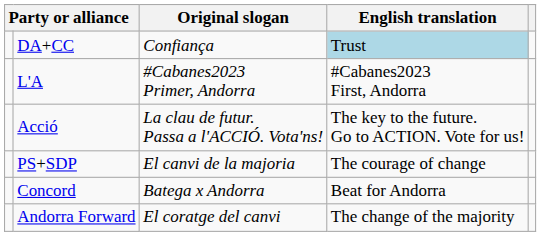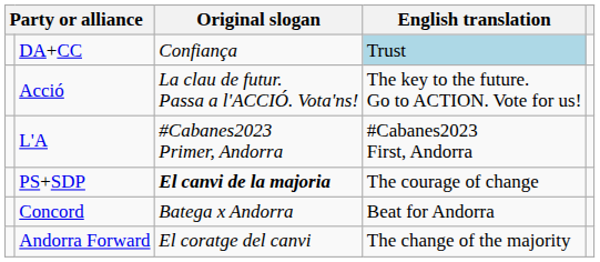 <table class="wikitable" style="text-align:left;">
 <tr>
 <th style="text-align:left;" colspan="2">Party or alliance</th>
 <th>Original slogan</th>
 <th>English translation</th>
 <th></th>
 </tr>
 <tr>
 <td width="1"></td>
 <td><a href='#'>DA</a>+<a href='#'>CC</a></td>
 <td><em>Confiança</em></td>
 <td style="background: lightblue;">Trust</td>
 <td></td>
 </tr>
 <tr>
 <td width="1"></td>
+<td><a href='#'>Acció</a></td>
+<td><em>La clau de futur.<br>Passa a l'ACCIÓ. Vota'ns!</em></td>
+<td>The key to the future.<br>Go to ACTION. Vote for us!</td>
+<td></td>
+</tr>
+<tr>
+<td width="1"></td>
 <td><a href='#'>L'A</a></td>
 <td><em>#Cabanes2023<br>Primer, Andorra</em></td>
 <td>#Cabanes2023<br>First, Andorra</td>
 <td></td>
 </tr>
 <tr>
 <td width="1"></td>
-<td><a href='#'>Acció</a></td>
-<td><em>La clau de futur.<br>Passa a l'ACCIÓ. Vota'ns!</em></td>
-<td>The key to the future.<br>Go to ACTION. Vote for us!</td>
-<td></td>
-</tr>
-<tr>
-<td width="1"></td>
 <td><a href='#'>PS</a>+<a href='#'>SDP</a></td>
-<td><em>El canvi de la majoria</em></td>
+<td><strong><em>El canvi de la majoria</em></strong></td>
 <td>The courage of change</td>
 <td></td>
 </tr>
 <tr>
 <td width="1"></td>
 <td><a href='#'>Concord</a></td>
 <td><em>Batega x Andorra</em></td>
 <td>Beat for Andorra</td>
 <td></td>
 </tr>
 <tr>
 <td width="1"></td>
 <td><a href='#'>Andorra Forward</a></td>
 <td><em>El coratge del canvi</em></td>
 <td>The change of the majority</td>
 <td></td>
 </tr>
 </table>
